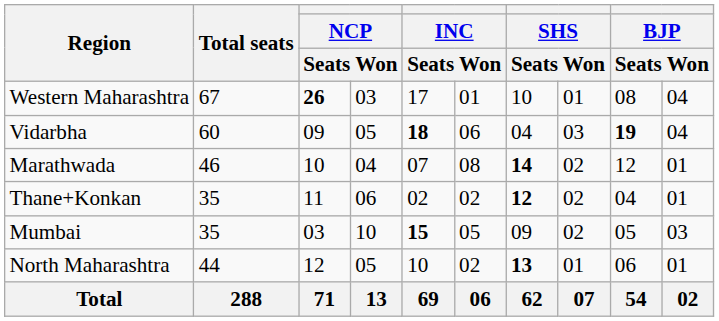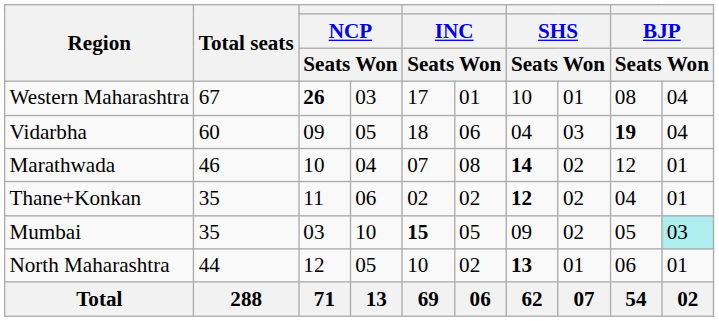 <table class="wikitable sortable">
 <tr>
 <th rowspan="3">Region</th>
 <th rowspan="3">Total seats</th>
 <th colspan="2"></th>
 <th colspan="2"></th>
 <th colspan="2"></th>
 <th colspan="2"></th>
 </tr>
 <tr>
 <th colspan="2"><a href='#'>NCP</a></th>
 <th colspan="2"><a href='#'>INC</a></th>
 <th colspan="2"><a href='#'>SHS</a></th>
 <th colspan="2"><a href='#'>BJP</a></th>
 </tr>
 <tr>
 <th colspan="2">Seats Won</th>
 <th colspan="2">Seats Won</th>
 <th colspan="2">Seats Won</th>
 <th colspan="2">Seats Won</th>
 </tr>
 <tr>
 <td>Western Maharashtra</td>
 <td>67</td>
 <td><strong>26</strong></td>
 <td> 03</td>
 <td>17</td>
 <td> 01</td>
 <td>10</td>
 <td> 01</td>
 <td>08</td>
 <td> 04</td>
 </tr>
 <tr>
 <td>Vidarbha</td>
 <td>60</td>
 <td>09</td>
 <td> 05</td>
-<td><strong>18</strong></td>
+<td>18</td>
 <td> 06</td>
 <td>04</td>
 <td> 03</td>
 <td><strong>19</strong></td>
 <td> 04</td>
 </tr>
 <tr>
 <td>Marathwada</td>
 <td>46</td>
 <td>10</td>
 <td> 04</td>
 <td>07</td>
 <td> 08</td>
 <td><strong>14</strong></td>
 <td> 02</td>
 <td>12</td>
 <td> 01</td>
 </tr>
 <tr>
 <td>Thane+Konkan</td>
 <td>35</td>
 <td>11</td>
 <td> 06</td>
 <td>02</td>
 <td> 02</td>
 <td><strong>12</strong></td>
 <td> 02</td>
 <td>04</td>
 <td> 01</td>
 </tr>
 <tr>
 <td>Mumbai</td>
 <td>35</td>
 <td>03</td>
 <td> 10</td>
 <td><strong>15</strong></td>
 <td> 05</td>
 <td>09</td>
 <td> 02</td>
 <td>05</td>
-<td> 03</td>
+<td style="background: paleturquoise;"> 03</td>
 </tr>
 <tr>
 <td>North Maharashtra</td>
 <td>44</td>
 <td>12</td>
 <td> 05</td>
 <td>10</td>
 <td> 02</td>
 <td><strong>13</strong></td>
 <td> 01</td>
 <td>06</td>
 <td> 01</td>
 </tr>
 <tr>
 <th><strong>Total</strong></th>
 <th><strong>288</strong></th>
 <th>71</th>
 <th><strong> 13</strong></th>
 <th>69</th>
 <th> 06</th>
 <th>62</th>
 <th> 07</th>
 <th>54</th>
 <th> 02</th>
 </tr>
 </table>
